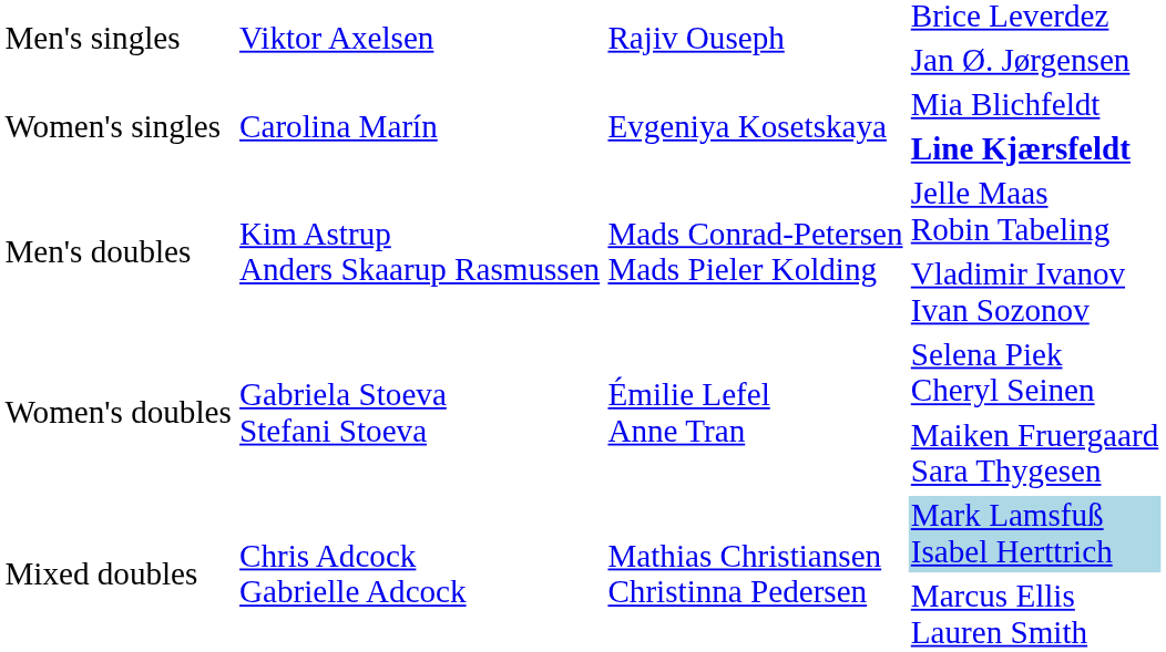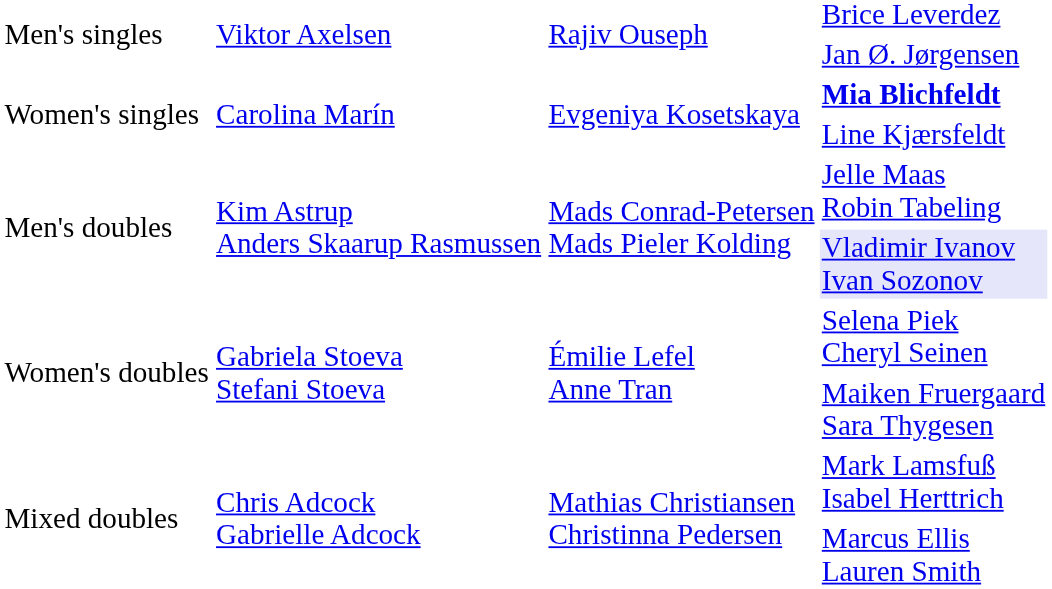 <table>
 <tr>
 <td rowspan=2>Men's singles</td>
 <td rowspan=2> <a href='#'>Viktor Axelsen</a></td>
 <td rowspan=2> <a href='#'>Rajiv Ouseph</a></td>
 <td> <a href='#'>Brice Leverdez</a></td>
 </tr>
 <tr>
 <td> <a href='#'>Jan Ø. Jørgensen</a></td>
 </tr>
 <tr>
 <td rowspan=2>Women's singles</td>
 <td rowspan=2> <a href='#'>Carolina Marín</a></td>
 <td rowspan=2> <a href='#'>Evgeniya Kosetskaya</a></td>
-<td> <a href='#'>Mia Blichfeldt</a></td>
+<td><strong> <a href='#'>Mia Blichfeldt</a></strong></td>
 </tr>
 <tr>
-<td><strong> <a href='#'>Line Kjærsfeldt</a></strong></td>
+<td> <a href='#'>Line Kjærsfeldt</a></td>
 </tr>
 <tr>
 <td rowspan=2>Men's doubles</td>
 <td rowspan=2> <a href='#'>Kim Astrup</a> <br> <a href='#'>Anders Skaarup Rasmussen</a></td>
 <td rowspan=2> <a href='#'>Mads Conrad-Petersen</a> <br> <a href='#'>Mads Pieler Kolding</a></td>
 <td> <a href='#'>Jelle Maas</a><br> <a href='#'>Robin Tabeling</a></td>
 </tr>
 <tr>
-<td> <a href='#'>Vladimir Ivanov</a><br> <a href='#'>Ivan Sozonov</a></td>
+<td style="background: lavender;"> <a href='#'>Vladimir Ivanov</a><br> <a href='#'>Ivan Sozonov</a></td>
 </tr>
 <tr>
 <td rowspan=2>Women's doubles</td>
 <td rowspan=2> <a href='#'>Gabriela Stoeva</a> <br> <a href='#'>Stefani Stoeva</a></td>
 <td rowspan=2> <a href='#'>Émilie Lefel</a> <br> <a href='#'>Anne Tran</a></td>
 <td> <a href='#'>Selena Piek</a><br> <a href='#'>Cheryl Seinen</a></td>
 </tr>
 <tr>
 <td> <a href='#'>Maiken Fruergaard</a><br> <a href='#'>Sara Thygesen</a></td>
 </tr>
 <tr>
 <td rowspan=2>Mixed doubles</td>
 <td rowspan=2> <a href='#'>Chris Adcock</a><br> <a href='#'>Gabrielle Adcock</a></td>
 <td rowspan=2> <a href='#'>Mathias Christiansen</a><br> <a href='#'>Christinna Pedersen</a></td>
-<td style="background: lightblue;"> <a href='#'>Mark Lamsfuß</a><br> <a href='#'>Isabel Herttrich</a></td>
+<td> <a href='#'>Mark Lamsfuß</a><br> <a href='#'>Isabel Herttrich</a></td>
 </tr>
 <tr>
 <td> <a href='#'>Marcus Ellis</a><br> <a href='#'>Lauren Smith</a></td>
 </tr>
 </table>
